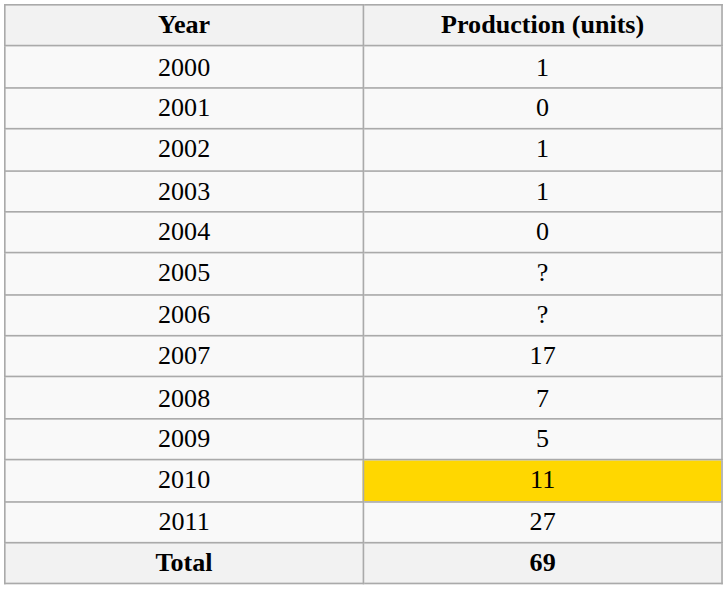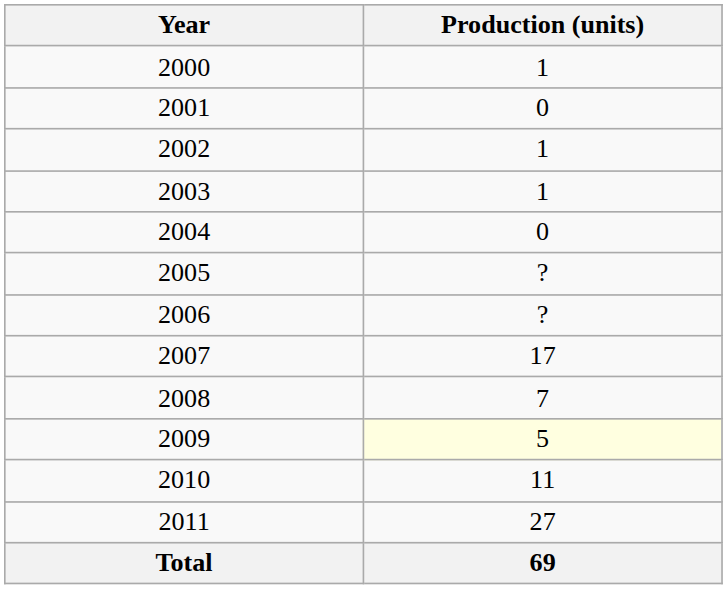 <table class="wikitable" style="text-align: center;">
 <tr>
 <th width=30%>Year</th>
 <th width=30%>Production (units)</th>
 </tr>
 <tr>
 <td>2000</td>
 <td>1</td>
 </tr>
 <tr>
 <td>2001</td>
 <td>0</td>
 </tr>
 <tr>
 <td>2002</td>
 <td>1</td>
 </tr>
 <tr>
 <td>2003</td>
 <td>1</td>
 </tr>
 <tr>
 <td>2004</td>
 <td>0</td>
 </tr>
 <tr>
 <td>2005</td>
 <td>?</td>
 </tr>
 <tr>
 <td>2006</td>
 <td>?</td>
 </tr>
 <tr>
 <td>2007</td>
 <td>17</td>
 </tr>
 <tr>
 <td>2008</td>
 <td>7</td>
 </tr>
 <tr>
 <td>2009</td>
-<td>5</td>
+<td style="background: lightyellow;">5</td>
 </tr>
 <tr>
 <td>2010</td>
-<td style="background: gold;">11</td>
+<td>11</td>
 </tr>
 <tr>
 <td>2011</td>
 <td>27</td>
 </tr>
 <tr>
 <th width=15%>Total</th>
 <th>69</th>
 </tr>
 </table>
